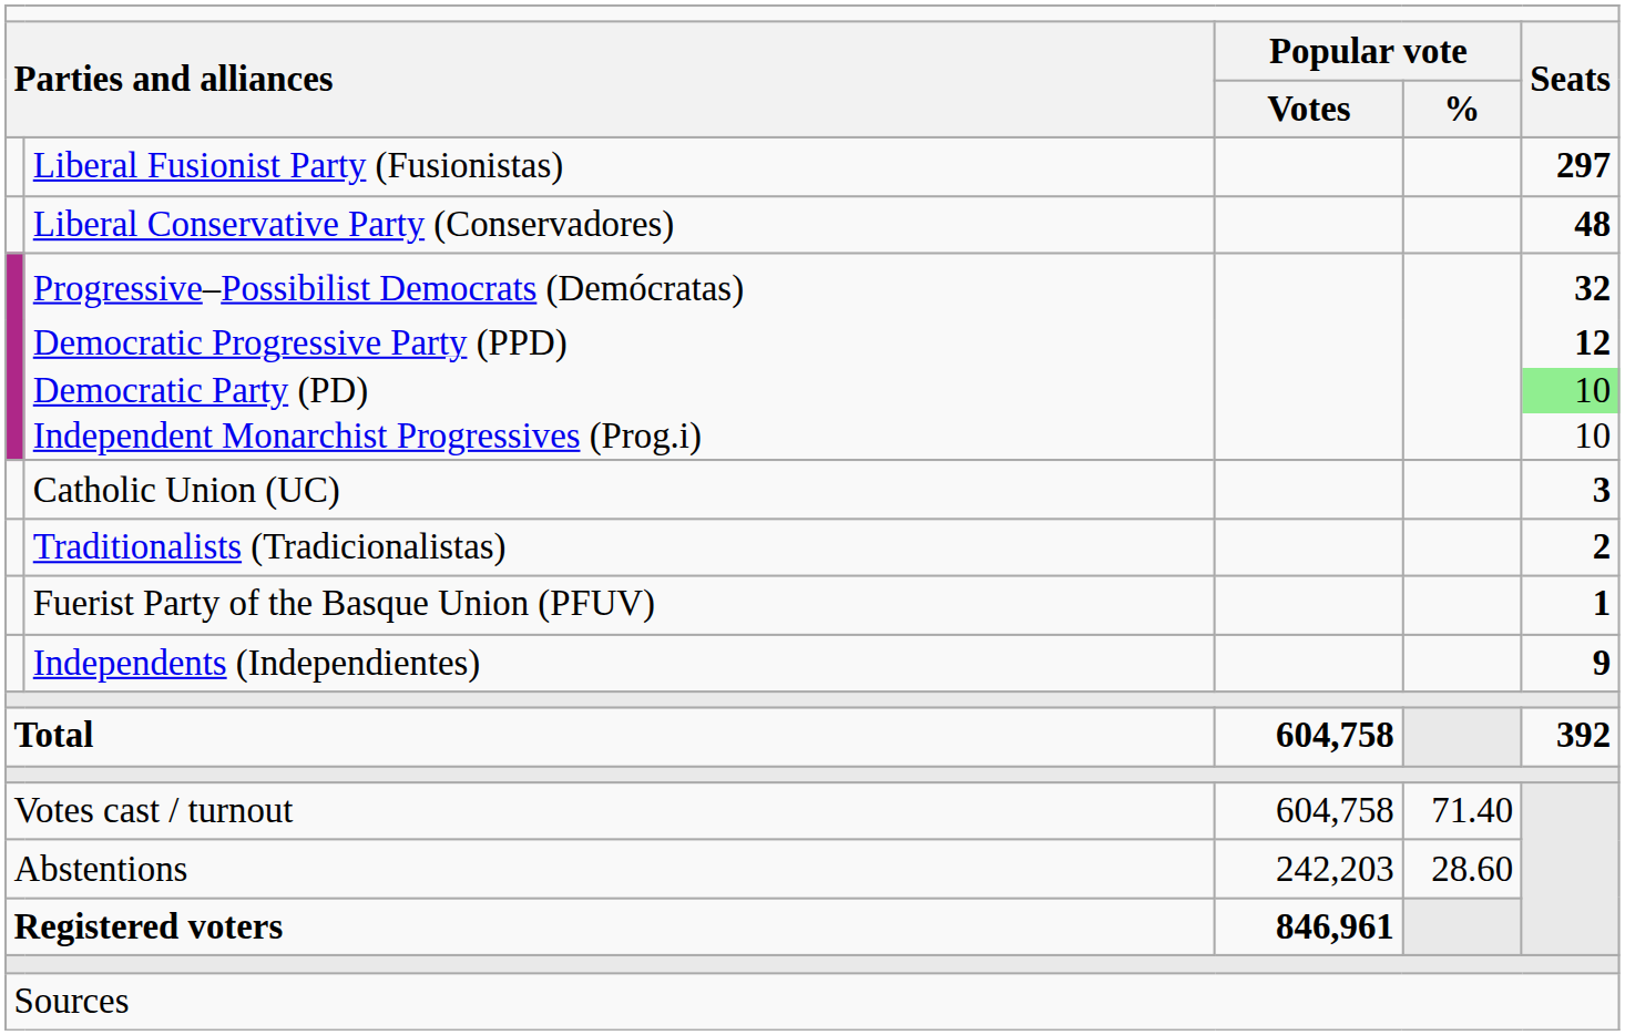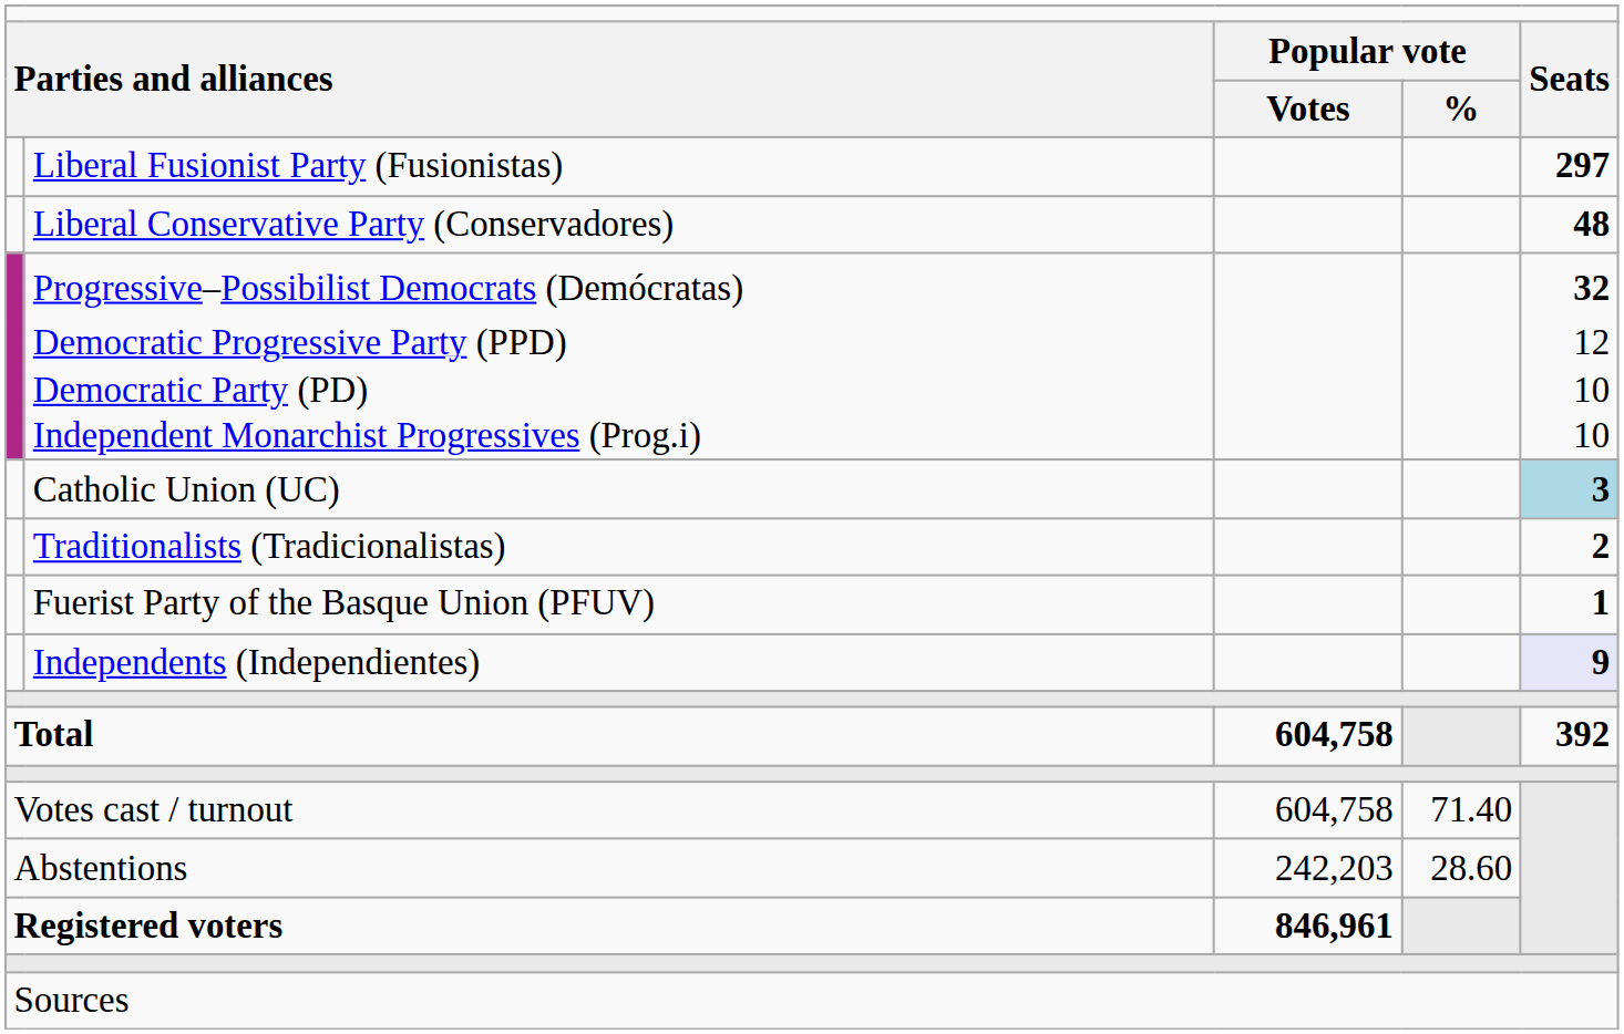 <table class="wikitable" style="text-align:right;">
 <tr>
 <td colspan="5"></td>
 </tr>
 <tr>
 <th style="text-align:left;" rowspan="2" colspan="2" width="525">Parties and alliances</th>
 <th colspan="2">Popular vote</th>
 <th rowspan="2" width="35">Seats</th>
 </tr>
 <tr>
 <th width="75">Votes</th>
 <th width="45">%</th>
 </tr>
 <tr>
 <td width="1" style="color:inherit;background:"></td>
 <td align="left"><a href='#'>Liberal Fusionist Party</a> (Fusionistas)</td>
 <td></td>
 <td></td>
 <td><strong>297</strong></td>
 </tr>
 <tr>
 <td style="color:inherit;background:"></td>
 <td align="left"><a href='#'>Liberal Conservative Party</a> (Conservadores)</td>
 <td></td>
 <td></td>
 <td><strong>48</strong></td>
 </tr>
 <tr style="line-height:23px;">
 <td rowspan="4" bgcolor="#AE2788"></td>
 <td align="left"><a href='#'>Progressive</a>–<a href='#'>Possibilist Democrats</a> (Demócratas)</td>
 <td rowspan="4"></td>
 <td rowspan="4"></td>
 <td><strong>32</strong></td>
 </tr>
 <tr style="border-bottom-style:hidden; border-top-style:hidden; line-height:14px;">
 <td align="left"><span><a href='#'>Democratic Progressive Party</a> (PPD)</span></td>
-<td><strong>12</strong></td>
+<td>12</td>
 </tr>
 <tr style="border-bottom-style:hidden; line-height:14px;">
 <td align="left"><span><a href='#'>Democratic Party</a> (PD)</span></td>
-<td style="background: lightgreen;">10</td>
+<td>10</td>
 </tr>
 <tr style="line-height:14px;">
 <td align="left"><span><a href='#'>Independent Monarchist Progressives</a> (Prog.i)</span></td>
 <td>10</td>
 </tr>
 <tr>
 <td style="color:inherit;background:"></td>
 <td align="left">Catholic Union (UC)</td>
 <td></td>
 <td></td>
-<td><strong>3</strong></td>
+<td style="background: lightblue;"><strong>3</strong></td>
 </tr>
 <tr>
 <td style="color:inherit;background:"></td>
 <td align="left"><a href='#'>Traditionalists</a> (Tradicionalistas)</td>
 <td></td>
 <td></td>
 <td><strong>2</strong></td>
 </tr>
 <tr>
 <td style="color:inherit;background:"></td>
 <td align="left">Fuerist Party of the Basque Union (PFUV)</td>
 <td></td>
 <td></td>
 <td><strong>1</strong></td>
 </tr>
 <tr>
 <td style="color:inherit;background:"></td>
 <td align="left"><a href='#'>Independents</a> (Independientes)</td>
 <td></td>
 <td></td>
-<td><strong>9</strong></td>
+<td style="background: lavender;"><strong>9</strong></td>
 </tr>
 <tr>
 <td colspan="5" bgcolor="#E9E9E9"></td>
 </tr>
 <tr style="font-weight:bold;">
 <td align="left" colspan="2">Total</td>
 <td>604,758</td>
 <td bgcolor="#E9E9E9"></td>
 <td>392</td>
 </tr>
 <tr>
 <td colspan="5" bgcolor="#E9E9E9"></td>
 </tr>
 <tr>
 <td align="left" colspan="2">Votes cast / turnout</td>
 <td>604,758</td>
 <td>71.40</td>
 <td bgcolor="#E9E9E9" rowspan="3"></td>
 </tr>
 <tr>
 <td align="left" colspan="2">Abstentions</td>
 <td>242,203</td>
 <td>28.60</td>
 </tr>
 <tr style="font-weight:bold;">
 <td align="left" colspan="2">Registered voters</td>
 <td>846,961</td>
 <td bgcolor="#E9E9E9"></td>
 </tr>
 <tr>
 <td colspan="5" bgcolor="#E9E9E9"></td>
 </tr>
 <tr>
 <td align="left" colspan="5">Sources</td>
 </tr>
 </table>
